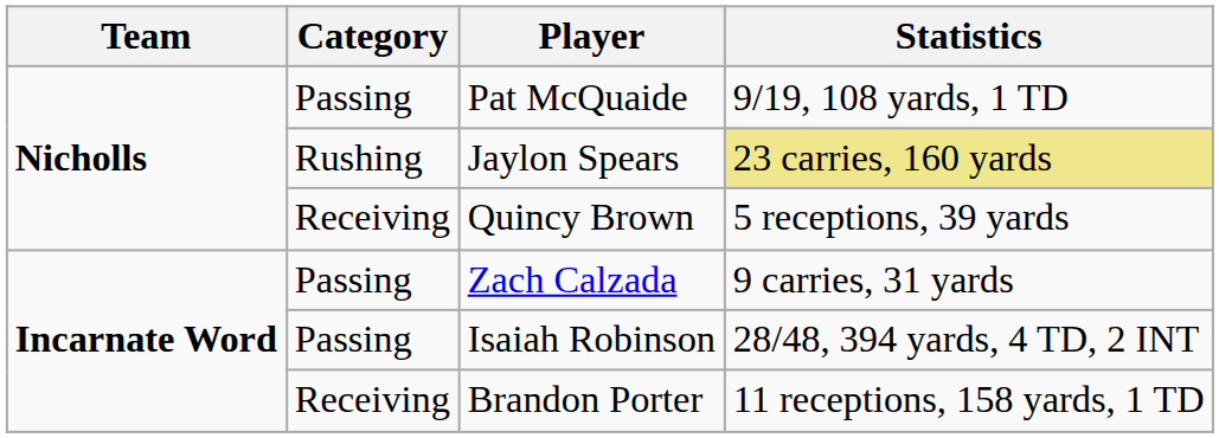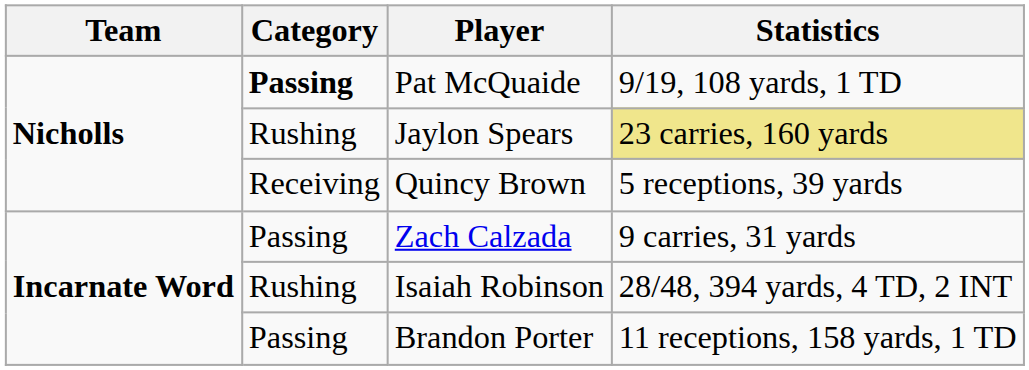 <table class="wikitable" style="float: right;">
 <tr>
 <th>Team</th>
 <th>Category</th>
 <th>Player</th>
 <th>Statistics</th>
 </tr>
 <tr>
 <td rowspan=3><strong>Nicholls</strong></td>
-<td>Passing</td>
+<td><strong>Passing</strong></td>
 <td>Pat McQuaide</td>
 <td>9/19, 108 yards, 1 TD</td>
 </tr>
 <tr>
 <td>Rushing</td>
 <td>Jaylon Spears</td>
 <td style="background: khaki;">23 carries, 160 yards</td>
 </tr>
 <tr>
 <td>Receiving</td>
 <td>Quincy Brown</td>
 <td>5 receptions, 39 yards</td>
 </tr>
 <tr>
 <td rowspan=3><strong>Incarnate Word</strong></td>
 <td>Passing</td>
 <td><a href='#'>Zach Calzada</a></td>
 <td>9 carries, 31 yards</td>
 </tr>
 <tr>
-<td>Passing</td>
+<td>Rushing</td>
 <td>Isaiah Robinson</td>
 <td>28/48, 394 yards, 4 TD, 2 INT</td>
 </tr>
 <tr>
-<td>Receiving</td>
+<td>Passing</td>
 <td>Brandon Porter</td>
 <td>11 receptions, 158 yards, 1 TD</td>
 </tr>
 </table>
